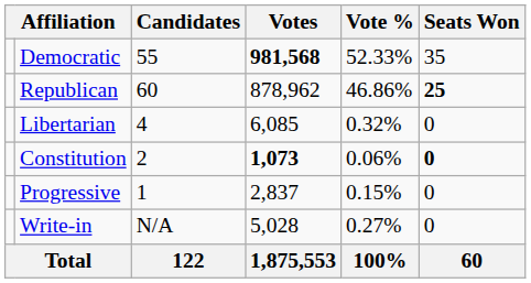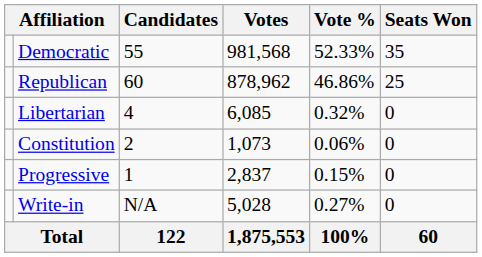 <table class="wikitable">
 <tr>
 <th colspan="2">Affiliation</th>
 <th>Candidates</th>
 <th>Votes</th>
 <th>Vote %</th>
 <th>Seats Won</th>
 </tr>
 <tr>
 <td style="background-color:"></td>
 <td><a href='#'>Democratic</a></td>
 <td>55</td>
-<td><strong>981,568</strong></td>
+<td>981,568</td>
 <td>52.33%</td>
 <td>35</td>
 </tr>
 <tr>
 <td style="background-color:"></td>
 <td><a href='#'>Republican</a></td>
 <td>60</td>
 <td>878,962</td>
 <td>46.86%</td>
-<td><strong>25</strong></td>
+<td>25</td>
 </tr>
 <tr>
 <td style="background-color:"></td>
 <td><a href='#'>Libertarian</a></td>
 <td>4</td>
 <td>6,085</td>
 <td>0.32%</td>
 <td>0</td>
 </tr>
 <tr>
 <td style="background-color:"></td>
 <td><a href='#'>Constitution</a></td>
 <td>2</td>
-<td><strong>1,073</strong></td>
+<td>1,073</td>
 <td>0.06%</td>
-<td><strong>0</strong></td>
+<td>0</td>
 </tr>
 <tr>
 <td style="background-color:"></td>
 <td><a href='#'>Progressive</a></td>
 <td>1</td>
 <td>2,837</td>
 <td>0.15%</td>
 <td>0</td>
 </tr>
 <tr>
 <td style="background-color:"></td>
 <td><a href='#'>Write-in</a></td>
 <td>N/A</td>
 <td>5,028</td>
 <td>0.27%</td>
 <td>0</td>
 </tr>
 <tr>
 <th colspan="2">Total</th>
 <th>122</th>
 <th>1,875,553</th>
 <th>100%</th>
 <th>60</th>
 </tr>
 </table>
